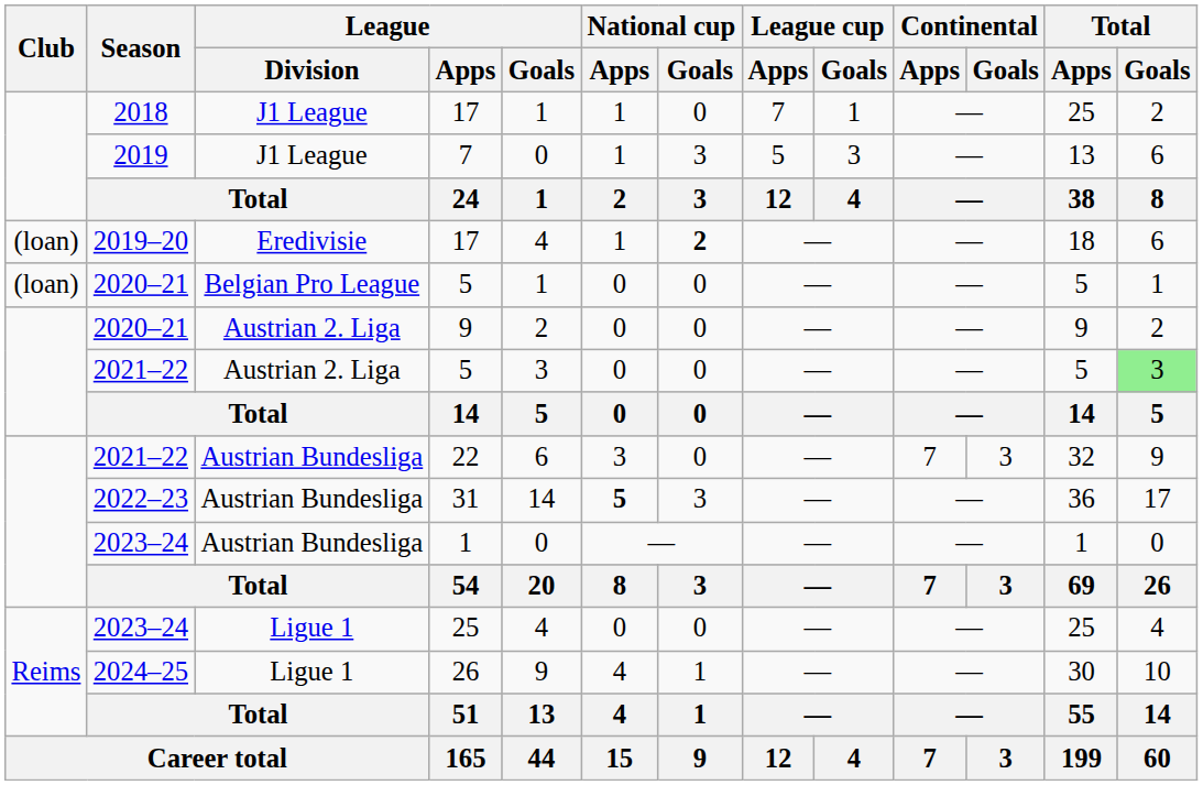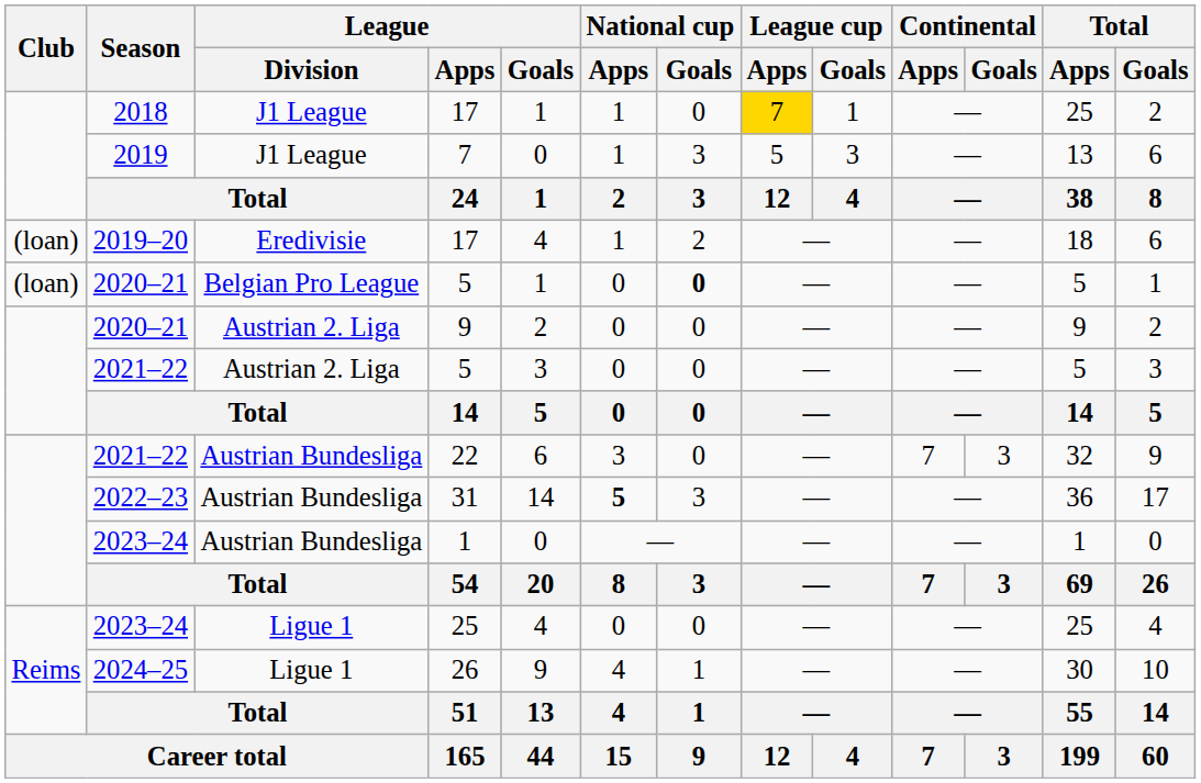 <table class="wikitable" style="text-align:center">
 <tr>
 <th rowspan="2">Club</th>
 <th rowspan="2">Season</th>
 <th colspan="3">League</th>
 <th colspan="2">National cup</th>
 <th colspan="2">League cup</th>
 <th colspan="2">Continental</th>
 <th colspan="2">Total</th>
 </tr>
 <tr>
 <th>Division</th>
 <th>Apps</th>
 <th>Goals</th>
 <th>Apps</th>
 <th>Goals</th>
 <th>Apps</th>
 <th>Goals</th>
 <th>Apps</th>
 <th>Goals</th>
 <th>Apps</th>
 <th>Goals</th>
 </tr>
 <tr>
 <td rowspan="3"></td>
 <td><a href='#'>2018</a></td>
 <td><a href='#'>J1 League</a></td>
 <td>17</td>
 <td>1</td>
 <td>1</td>
 <td>0</td>
-<td>7</td>
+<td style="background: gold;">7</td>
 <td>1</td>
 <td colspan="2">—</td>
 <td>25</td>
 <td>2</td>
 </tr>
 <tr>
 <td><a href='#'>2019</a></td>
 <td>J1 League</td>
 <td>7</td>
 <td>0</td>
 <td>1</td>
 <td>3</td>
 <td>5</td>
 <td>3</td>
 <td colspan="2">—</td>
 <td>13</td>
 <td>6</td>
 </tr>
 <tr>
 <th colspan="2">Total</th>
 <th>24</th>
 <th>1</th>
 <th>2</th>
 <th>3</th>
 <th>12</th>
 <th>4</th>
 <th colspan="2">—</th>
 <th>38</th>
 <th>8</th>
 </tr>
 <tr>
 <td> (loan)</td>
 <td><a href='#'>2019–20</a></td>
 <td><a href='#'>Eredivisie</a></td>
 <td>17</td>
 <td>4</td>
 <td>1</td>
-<td><strong>2</strong></td>
+<td>2</td>
 <td colspan="2">—</td>
 <td colspan="2">—</td>
 <td>18</td>
 <td>6</td>
 </tr>
 <tr>
 <td> (loan)</td>
 <td><a href='#'>2020–21</a></td>
 <td><a href='#'>Belgian Pro League</a></td>
 <td>5</td>
 <td>1</td>
 <td>0</td>
-<td>0</td>
+<td><strong>0</strong></td>
 <td colspan="2">—</td>
 <td colspan="2">—</td>
 <td>5</td>
 <td>1</td>
 </tr>
 <tr>
 <td rowspan="3"></td>
 <td><a href='#'>2020–21</a></td>
 <td><a href='#'>Austrian 2. Liga</a></td>
 <td>9</td>
 <td>2</td>
 <td>0</td>
 <td>0</td>
 <td colspan="2">—</td>
 <td colspan="2">—</td>
 <td>9</td>
 <td>2</td>
 </tr>
 <tr>
 <td><a href='#'>2021–22</a></td>
 <td>Austrian 2. Liga</td>
 <td>5</td>
 <td>3</td>
 <td>0</td>
 <td>0</td>
 <td colspan="2">—</td>
 <td colspan="2">—</td>
 <td>5</td>
-<td style="background: lightgreen;">3</td>
+<td>3</td>
 </tr>
 <tr>
 <th colspan="2">Total</th>
 <th>14</th>
 <th>5</th>
 <th>0</th>
 <th>0</th>
 <th colspan="2">—</th>
 <th colspan="2">—</th>
 <th>14</th>
 <th>5</th>
 </tr>
 <tr>
 <td rowspan="4"></td>
 <td><a href='#'>2021–22</a></td>
 <td><a href='#'>Austrian Bundesliga</a></td>
 <td>22</td>
 <td>6</td>
 <td>3</td>
 <td>0</td>
 <td colspan="2">—</td>
 <td>7</td>
 <td>3</td>
 <td>32</td>
 <td>9</td>
 </tr>
 <tr>
 <td><a href='#'>2022–23</a></td>
 <td>Austrian Bundesliga</td>
 <td>31</td>
 <td>14</td>
 <td><strong>5</strong></td>
 <td>3</td>
 <td colspan="2">—</td>
 <td colspan="2">—</td>
 <td>36</td>
 <td>17</td>
 </tr>
 <tr>
 <td><a href='#'>2023–24</a></td>
 <td>Austrian Bundesliga</td>
 <td>1</td>
 <td>0</td>
 <td colspan="2">—</td>
 <td colspan="2">—</td>
 <td colspan="2">—</td>
 <td>1</td>
 <td>0</td>
 </tr>
 <tr>
 <th colspan="2">Total</th>
 <th>54</th>
 <th>20</th>
 <th>8</th>
 <th>3</th>
 <th colspan="2">—</th>
 <th>7</th>
 <th>3</th>
 <th>69</th>
 <th>26</th>
 </tr>
 <tr>
 <td rowspan="3"><a href='#'>Reims</a></td>
 <td><a href='#'>2023–24</a></td>
 <td><a href='#'>Ligue 1</a></td>
 <td>25</td>
 <td>4</td>
 <td>0</td>
 <td>0</td>
 <td colspan="2">—</td>
 <td colspan="2">—</td>
 <td>25</td>
 <td>4</td>
 </tr>
 <tr>
 <td><a href='#'>2024–25</a></td>
 <td>Ligue 1</td>
 <td>26</td>
 <td>9</td>
 <td>4</td>
 <td>1</td>
 <td colspan="2">—</td>
 <td colspan="2">—</td>
 <td>30</td>
 <td>10</td>
 </tr>
 <tr>
 <th colspan="2">Total</th>
 <th>51</th>
 <th>13</th>
 <th>4</th>
 <th>1</th>
 <th colspan="2">—</th>
 <th colspan="2">—</th>
 <th>55</th>
 <th>14</th>
 </tr>
 <tr>
 <th colspan="3">Career total</th>
 <th>165</th>
 <th>44</th>
 <th>15</th>
 <th>9</th>
 <th>12</th>
 <th>4</th>
 <th>7</th>
 <th>3</th>
 <th>199</th>
 <th>60</th>
 </tr>
 </table>
